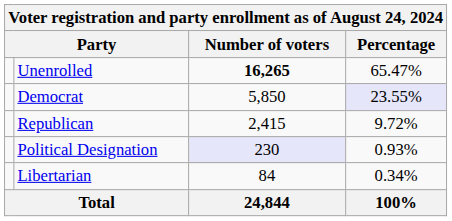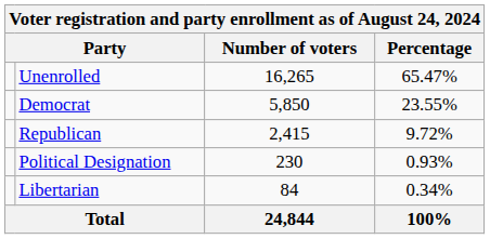 <table class="wikitable">
 <tr>
 <th colspan="6">Voter registration and party enrollment as of August 24, 2024</th>
 </tr>
 <tr>
 <th colspan="2">Party</th>
 <th>Number of voters</th>
 <th>Percentage</th>
 </tr>
 <tr>
 <td></td>
 <td><a href='#'>Unenrolled</a></td>
-<td style="text-align:center;"><strong>16,265</strong></td>
+<td style="text-align:center;">16,265</td>
 <td style="text-align:center;">65.47%</td>
 </tr>
 <tr>
 <td></td>
 <td><a href='#'>Democrat</a></td>
 <td style="text-align:center;">5,850</td>
-<td style="background: lavender; text-align:center;">23.55%</td>
+<td style="text-align:center;">23.55%</td>
 </tr>
 <tr>
 <td></td>
 <td><a href='#'>Republican</a></td>
 <td style="text-align:center;">2,415</td>
 <td style="text-align:center;">9.72%</td>
 </tr>
 <tr>
 <td></td>
 <td><a href='#'>Political Designation</a></td>
-<td style="background: lavender; text-align:center">230</td>
+<td style="text-align:center">230</td>
 <td style="text-align:center">0.93%</td>
 </tr>
 <tr>
 <td></td>
 <td><a href='#'>Libertarian</a></td>
 <td style="text-align:center;">84</td>
 <td style="text-align:center;">0.34%</td>
 </tr>
 <tr>
 <th colspan="2">Total</th>
 <th style="text-align:center;">24,844</th>
 <th style="text-align:center;">100%</th>
 </tr>
 </table>
